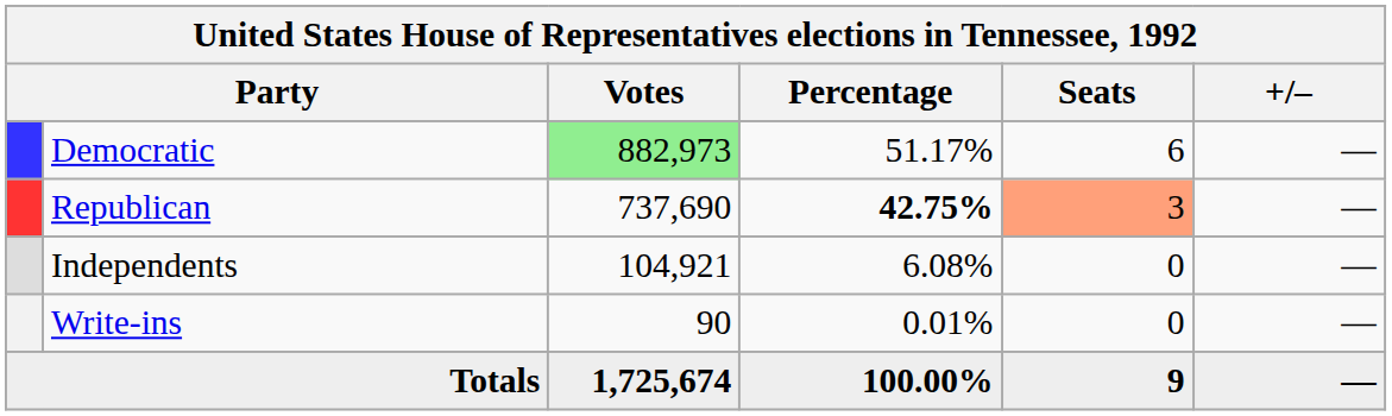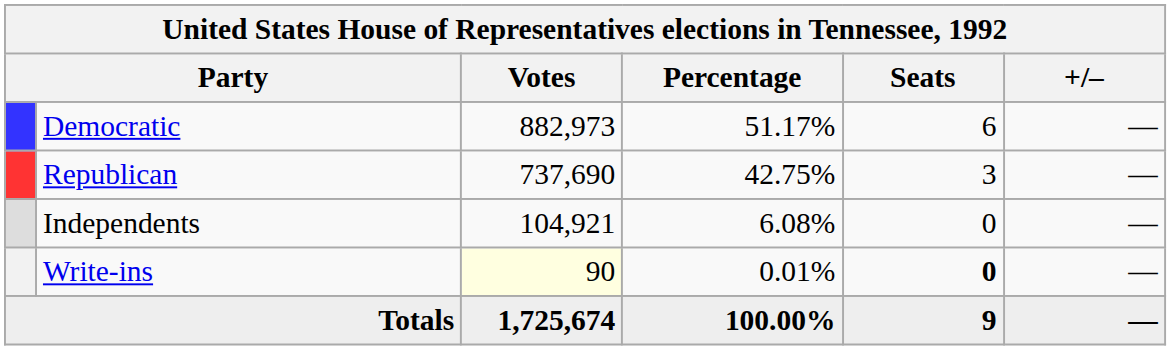 <table class="wikitable" style="font-size: 95%;">
 <tr>
 <th colspan="6">United States House of Representatives elections in Tennessee, 1992</th>
 </tr>
 <tr>
 <th colspan="2" style="width: 15em">Party</th>
 <th style="width: 5em">Votes</th>
 <th style="width: 7em">Percentage</th>
 <th style="width: 5em">Seats</th>
 <th style="width: 5em">+/–</th>
 </tr>
 <tr>
 <th style="background-color:#3333FF; width: 3px"></th>
 <td style="width: 130px"><a href='#'>Democratic</a></td>
-<td align="right" style="background: lightgreen;">882,973</td>
+<td align="right">882,973</td>
 <td align="right">51.17%</td>
 <td align="right">6</td>
 <td align="right">—</td>
 </tr>
 <tr>
 <th style="background-color:#FF3333; width: 3px"></th>
 <td style="width: 130px"><a href='#'>Republican</a></td>
 <td align="right">737,690</td>
-<td align="right"><strong>42.75%</strong></td>
-<td align="right" style="background: lightsalmon;">3</td>
+<td align="right">42.75%</td>
+<td align="right">3</td>
 <td align="right">—</td>
 </tr>
 <tr>
 <th style="background-color:#DDDDDD; width: 3px"></th>
 <td style="width: 130px">Independents</td>
 <td align="right">104,921</td>
 <td align="right">6.08%</td>
 <td align="right">0</td>
 <td align="right">—</td>
 </tr>
 <tr>
 <th></th>
 <td><a href='#'>Write-ins</a></td>
-<td align="right">90</td>
+<td align="right" style="background: lightyellow;">90</td>
 <td align="right">0.01%</td>
-<td align="right">0</td>
+<td align="right"><strong>0</strong></td>
 <td align="right">—</td>
 </tr>
 <tr bgcolor="#EEEEEE">
 <td colspan="2" align="right"><strong>Totals</strong></td>
 <td align="right"><strong>1,725,674</strong></td>
 <td align="right"><strong>100.00%</strong></td>
 <td align="right"><strong>9</strong></td>
 <td align="right"><strong>—</strong></td>
 </tr>
 </table>
